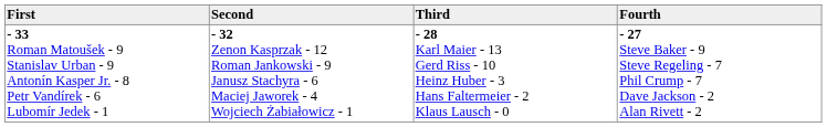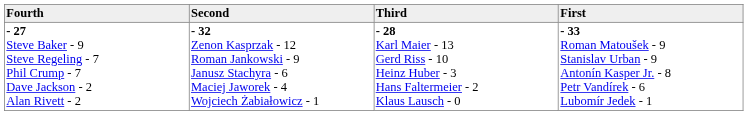 <table border=1 cellpadding=2 cellspacing=0 width=75% style="border-collapse:collapse">
 <tr align=left style="background:#efefef;">
-<th width=20%>First</th>
+<th width=20%>Fourth</th>
 <th width=20%>Second</th>
 <th width=20%>Third</th>
-<th width=20%>Fourth</th>
+<th width=20%>First</th>
 </tr>
 <tr align=left>
-<td valign=top><strong> - 33</strong><br><a href='#'>Roman Matoušek</a> - 9 <br><a href='#'>Stanislav Urban</a> - 9 <br><a href='#'>Antonín Kasper Jr.</a> - 8 <br><a href='#'>Petr Vandírek</a> - 6 <br><a href='#'>Lubomír Jedek</a> - 1</td>
+<td valign=top><strong> - 27</strong><br><a href='#'>Steve Baker</a> - 9 <br><a href='#'>Steve Regeling</a> - 7 <br><a href='#'>Phil Crump</a> - 7 <br><a href='#'>Dave Jackson</a> - 2 <br><a href='#'>Alan Rivett</a> - 2</td>
 <td valign=top><strong> - 32</strong><br><a href='#'>Zenon Kasprzak</a> - 12 <br><a href='#'>Roman Jankowski</a> - 9 <br><a href='#'>Janusz Stachyra</a> - 6 <br><a href='#'>Maciej Jaworek</a> - 4 <br><a href='#'>Wojciech Żabiałowicz</a> - 1</td>
 <td valign=top><strong> - 28</strong><br><a href='#'>Karl Maier</a> - 13 <br><a href='#'>Gerd Riss</a> - 10 <br><a href='#'>Heinz Huber</a> - 3 <br><a href='#'>Hans Faltermeier</a> - 2 <br><a href='#'>Klaus Lausch</a> - 0</td>
-<td valign=top><strong> - 27</strong><br><a href='#'>Steve Baker</a> - 9 <br><a href='#'>Steve Regeling</a> - 7 <br><a href='#'>Phil Crump</a> - 7 <br><a href='#'>Dave Jackson</a> - 2 <br><a href='#'>Alan Rivett</a> - 2</td>
+<td valign=top><strong> - 33</strong><br><a href='#'>Roman Matoušek</a> - 9 <br><a href='#'>Stanislav Urban</a> - 9 <br><a href='#'>Antonín Kasper Jr.</a> - 8 <br><a href='#'>Petr Vandírek</a> - 6 <br><a href='#'>Lubomír Jedek</a> - 1</td>
 </tr>
 </table>
